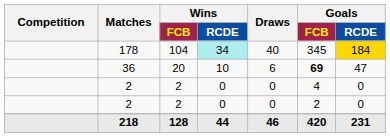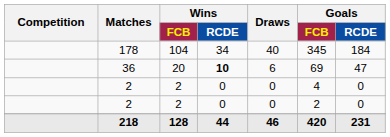 <table class="wikitable sortable" style="text-align:center; width:60%;">
 <tr>
 <th rowspan="2"  style="width:10%;">Competition</th>
 <th rowspan="2"  style="width:5%;">Matches</th>
 <th colspan="2"  style="width:10%;">Wins</th>
 <th rowspan="2"  style="width:5%;">Draws</th>
 <th colspan="2"  style="width:10%;">Goals</th>
 </tr>
 <tr>
 <th style="color:#fff000; background-color:#A2214B;">FCB</th>
 <th style="color:#fff; background-color:#094ca1;">RCDE</th>
 <th style="color:#fff000; background-color:#A2214B;">FCB</th>
 <th style="color:#fff; background-color:#094ca1;">RCDE</th>
 </tr>
 <tr>
 <td></td>
 <td>178</td>
 <td>104</td>
-<td style="background: paleturquoise;">34</td>
+<td>34</td>
 <td>40</td>
 <td>345</td>
-<td style="background: gold;">184</td>
+<td>184</td>
 </tr>
 <tr>
 <td></td>
 <td>36</td>
 <td>20</td>
-<td>10</td>
+<td><strong>10</strong></td>
 <td>6</td>
-<td><strong>69</strong></td>
+<td>69</td>
 <td>47</td>
 </tr>
 <tr>
 <td></td>
 <td>2</td>
 <td>2</td>
 <td>0</td>
 <td>0</td>
 <td>4</td>
 <td>0</td>
 </tr>
 <tr>
 <td></td>
 <td>2</td>
 <td>2</td>
 <td>0</td>
 <td>0</td>
 <td>2</td>
 <td>0</td>
 </tr>
 <tr>
 </tr>
 <tr bgcolor=E9E9E9>
 <td></td>
 <td><strong>218</strong></td>
 <td><strong>128</strong></td>
 <td><strong>44</strong></td>
 <td><strong>46</strong></td>
 <td><strong>420</strong></td>
 <td><strong>231</strong></td>
 </tr>
 </table>
